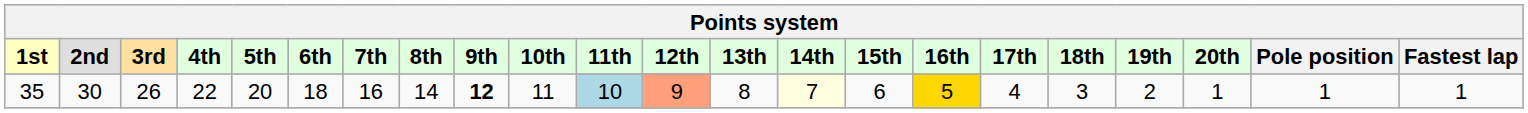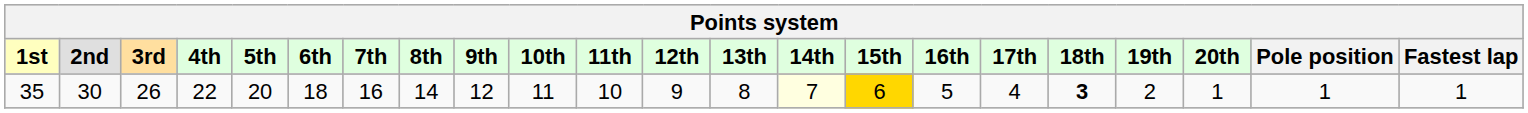 <table class="wikitable" style="font-size:85%; text-align:center">
 <tr>
 <th colspan="22">Points system</th>
 </tr>
 <tr>
 <td style="background:#ffffbf;"> <strong>1st</strong> </td>
 <td style="background:#dfdfdf;"> <strong>2nd</strong> </td>
 <td style="background:#ffdf9f;"> <strong>3rd</strong> </td>
 <td style="background:#dfffdf;"> <strong>4th</strong> </td>
 <td style="background:#dfffdf;"> <strong>5th</strong> </td>
 <td style="background:#dfffdf;"> <strong>6th</strong> </td>
 <td style="background:#dfffdf;"> <strong>7th</strong> </td>
 <td style="background:#dfffdf;"> <strong>8th</strong> </td>
 <td style="background:#dfffdf;"> <strong>9th</strong> </td>
 <td style="background:#dfffdf;"> <strong>10th</strong> </td>
 <td style="background:#dfffdf;"> <strong>11th</strong> </td>
 <td style="background:#dfffdf;"> <strong>12th</strong> </td>
 <td style="background:#dfffdf;"> <strong>13th</strong> </td>
 <td style="background:#dfffdf;"> <strong>14th</strong> </td>
 <td style="background:#dfffdf;"> <strong>15th</strong> </td>
 <td style="background:#dfffdf;"> <strong>16th</strong> </td>
 <td style="background:#dfffdf;"> <strong>17th</strong> </td>
 <td style="background:#dfffdf;"> <strong>18th</strong> </td>
 <td style="background:#dfffdf;"> <strong>19th</strong> </td>
 <td style="background:#dfffdf;"> <strong>20th</strong> </td>
 <th>Pole position</th>
 <th>Fastest lap</th>
 </tr>
 <tr>
 <td>35</td>
 <td>30</td>
 <td>26</td>
 <td>22</td>
 <td>20</td>
 <td>18</td>
 <td>16</td>
 <td>14</td>
-<td><strong>12</strong></td>
+<td>12</td>
 <td>11</td>
-<td style="background: lightblue;">10</td>
-<td style="background: lightsalmon;">9</td>
+<td>10</td>
+<td>9</td>
 <td>8</td>
 <td style="background: lightyellow;">7</td>
-<td>6</td>
-<td style="background: gold;">5</td>
+<td style="background: gold;">6</td>
+<td>5</td>
 <td>4</td>
-<td>3</td>
+<td><strong>3</strong></td>
 <td>2</td>
 <td>1</td>
 <td>1</td>
 <td>1</td>
 </tr>
 </table>
